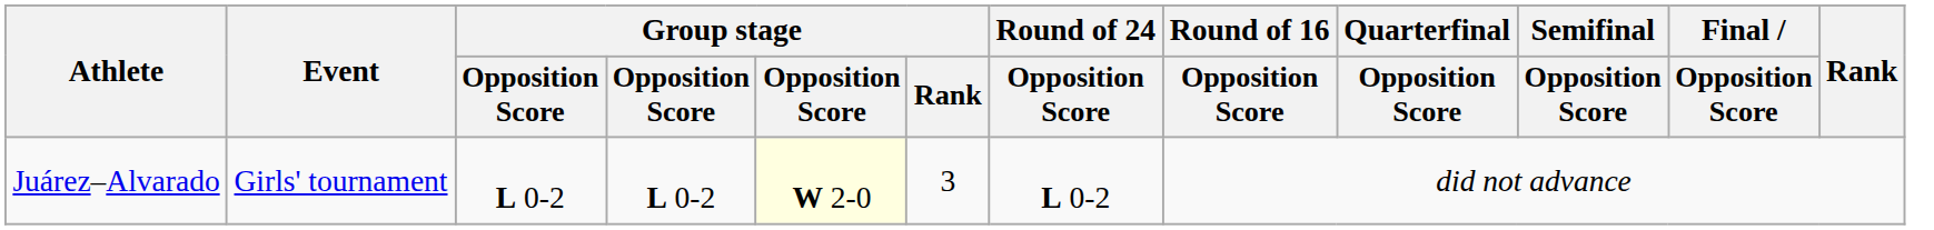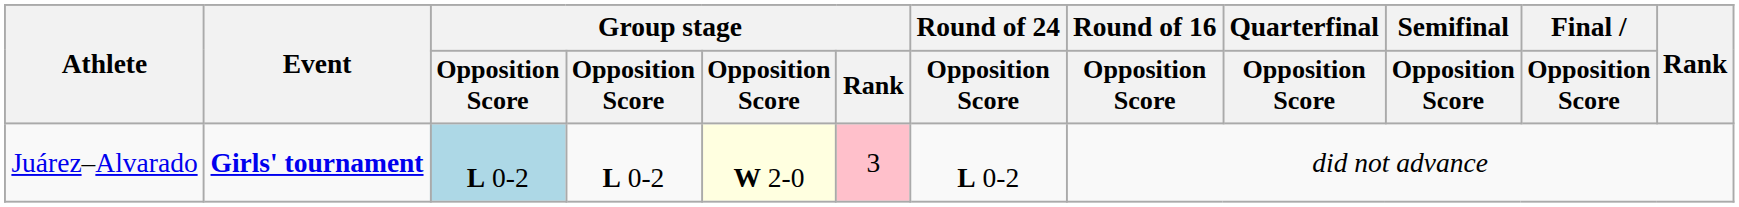 <table class="wikitable" style="font-size:90%">
 <tr>
 <th rowspan=2>Athlete</th>
 <th rowspan=2>Event</th>
 <th colspan=4>Group stage</th>
 <th>Round of 24</th>
 <th>Round of 16</th>
 <th>Quarterfinal</th>
 <th>Semifinal</th>
 <th>Final / </th>
 <th rowspan=2>Rank</th>
 </tr>
 <tr style="font-size:95%">
 <th>Opposition<br>Score</th>
 <th>Opposition<br>Score</th>
 <th>Opposition<br>Score</th>
 <th>Rank</th>
 <th>Opposition<br>Score</th>
 <th>Opposition<br>Score</th>
 <th>Opposition<br>Score</th>
 <th>Opposition<br>Score</th>
 <th>Opposition<br>Score</th>
 </tr>
 <tr align=center>
 <td><a href='#'>Juárez</a>–<a href='#'>Alvarado</a></td>
-<td><a href='#'>Girls' tournament</a></td>
-<td> <br> <strong>L</strong> 0-2</td>
+<td><strong><a href='#'>Girls' tournament</a></strong></td>
+<td style="background: lightblue;"> <br> <strong>L</strong> 0-2</td>
 <td> <br> <strong>L</strong> 0-2</td>
 <td style="background: lightyellow;"> <br> <strong>W</strong> 2-0</td>
-<td>3</td>
+<td style="background: pink;">3</td>
 <td> <br> <strong>L</strong> 0-2</td>
 <td Colspan=5><em>did not advance</em></td>
 </tr>
 </table>
